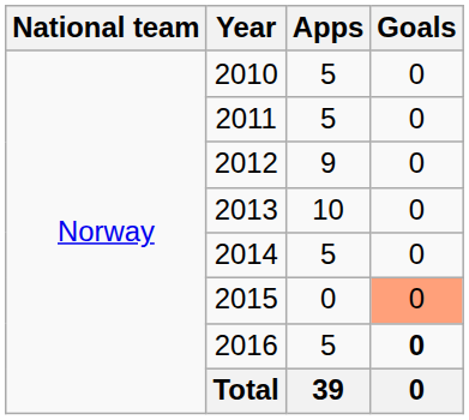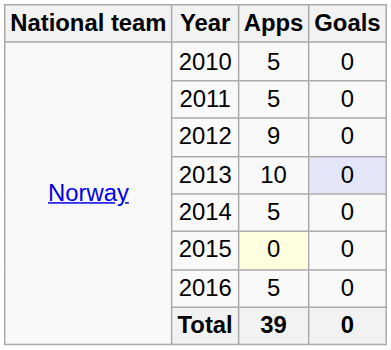 <table class="wikitable" style="text-align:center">
 <tr>
 <th>National team</th>
 <th>Year</th>
 <th>Apps</th>
 <th>Goals</th>
 </tr>
 <tr>
 <td rowspan="8"><a href='#'>Norway</a></td>
 <td>2010</td>
 <td>5</td>
 <td>0</td>
 </tr>
 <tr>
 <td>2011</td>
 <td>5</td>
 <td>0</td>
 </tr>
 <tr>
 <td>2012</td>
 <td>9</td>
 <td>0</td>
 </tr>
 <tr>
 <td>2013</td>
 <td>10</td>
-<td>0</td>
+<td style="background: lavender;">0</td>
 </tr>
 <tr>
 <td>2014</td>
 <td>5</td>
 <td>0</td>
 </tr>
 <tr>
 <td>2015</td>
+<td style="background: lightyellow;">0</td>
 <td>0</td>
-<td style="background: lightsalmon;">0</td>
 </tr>
 <tr>
 <td>2016</td>
 <td>5</td>
-<td><strong>0</strong></td>
+<td>0</td>
 </tr>
 <tr>
 <th>Total</th>
 <th>39</th>
 <th>0</th>
 </tr>
 </table>
